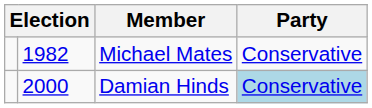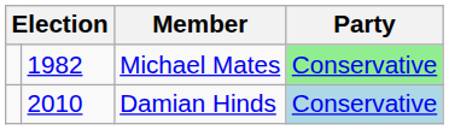 <table class="wikitable">
 <tr>
 <th colspan="2">Election</th>
 <th>Member</th>
 <th>Party</th>
 </tr>
 <tr>
 <td style="color:inherit;background-color: "></td>
 <td><a href='#'>1982</a></td>
 <td><a href='#'>Michael Mates</a></td>
-<td><a href='#'>Conservative</a></td>
+<td style="background: lightgreen;"><a href='#'>Conservative</a></td>
 </tr>
 <tr>
 <td style="color:inherit;background-color: "></td>
-<td><a href='#'>2000</a></td>
+<td><a href='#'>2010</a></td>
 <td><a href='#'>Damian Hinds</a></td>
 <td style="background: lightblue;"><a href='#'>Conservative</a></td>
 </tr>
 </table>
